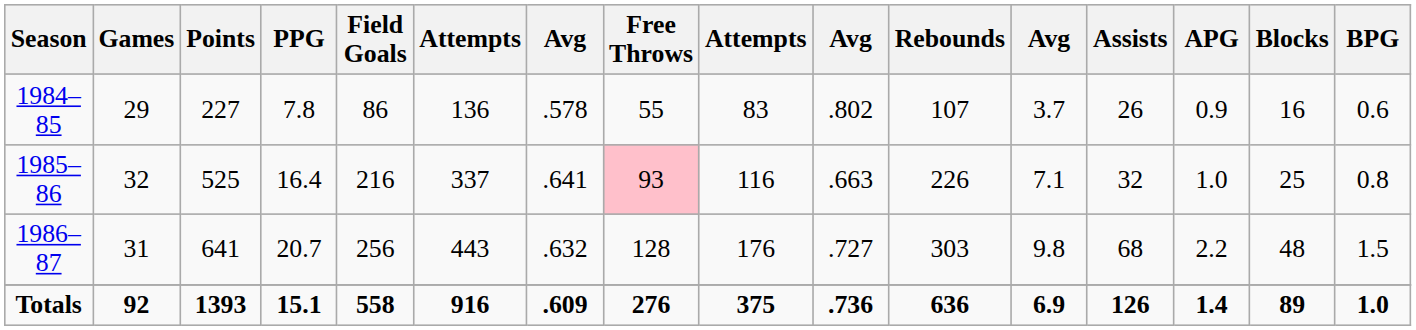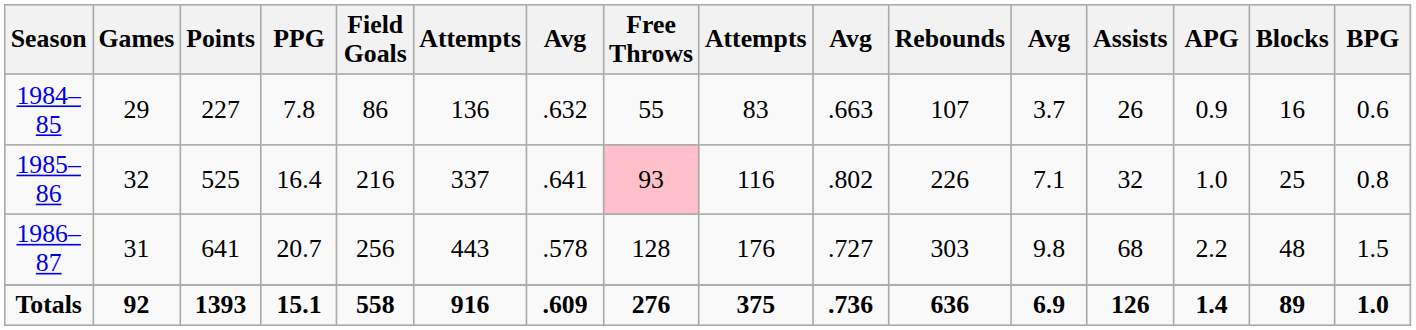 <table class="wikitable sortable" style="text-align:center">
 <tr>
 <th width=40px>Season</th>
 <th width=40px>Games</th>
 <th width=40px>Points</th>
 <th width=40px>PPG</th>
 <th width=40px>Field Goals</th>
 <th width=40px>Attempts</th>
 <th width=40px>Avg</th>
 <th width=40px>Free Throws</th>
 <th width=40px>Attempts</th>
 <th width=40px>Avg</th>
 <th width=40px>Rebounds</th>
 <th width=40px>Avg</th>
 <th width=40px>Assists</th>
 <th width=40px>APG</th>
 <th width=40px>Blocks</th>
 <th width=40px>BPG</th>
 </tr>
 <tr>
 <td><a href='#'>1984–85</a></td>
 <td>29</td>
 <td>227</td>
 <td>7.8</td>
 <td>86</td>
 <td>136</td>
-<td>.578</td>
+<td>.632</td>
 <td>55</td>
 <td>83</td>
-<td>.802</td>
+<td>.663</td>
 <td>107</td>
 <td>3.7</td>
 <td>26</td>
 <td>0.9</td>
 <td>16</td>
 <td>0.6</td>
 </tr>
 <tr>
 <td><a href='#'>1985–86</a></td>
 <td>32</td>
 <td>525</td>
 <td>16.4</td>
 <td>216</td>
 <td>337</td>
 <td>.641</td>
 <td style="background: pink;">93</td>
 <td>116</td>
-<td>.663</td>
+<td>.802</td>
 <td>226</td>
 <td>7.1</td>
 <td>32</td>
 <td>1.0</td>
 <td>25</td>
 <td>0.8</td>
 </tr>
 <tr>
 <td><a href='#'>1986–87</a></td>
 <td>31</td>
 <td>641</td>
 <td>20.7</td>
 <td>256</td>
 <td>443</td>
-<td>.632</td>
+<td>.578</td>
 <td>128</td>
 <td>176</td>
 <td>.727</td>
 <td>303</td>
 <td>9.8</td>
 <td>68</td>
 <td>2.2</td>
 <td>48</td>
 <td>1.5</td>
 </tr>
 <tr>
 </tr>
 <tr class="sortbottom">
 <td><strong>Totals</strong></td>
 <td><strong>92</strong></td>
 <td><strong>1393</strong></td>
 <td><strong>15.1</strong></td>
 <td><strong>558</strong></td>
 <td><strong>916</strong></td>
 <td><strong>.609</strong></td>
 <td><strong>276</strong></td>
 <td><strong>375</strong></td>
 <td><strong>.736</strong></td>
 <td><strong>636</strong></td>
 <td><strong>6.9</strong></td>
 <td><strong>126</strong></td>
 <td><strong>1.4</strong></td>
 <td><strong>89</strong></td>
 <td><strong>1.0</strong></td>
 </tr>
 </table>
